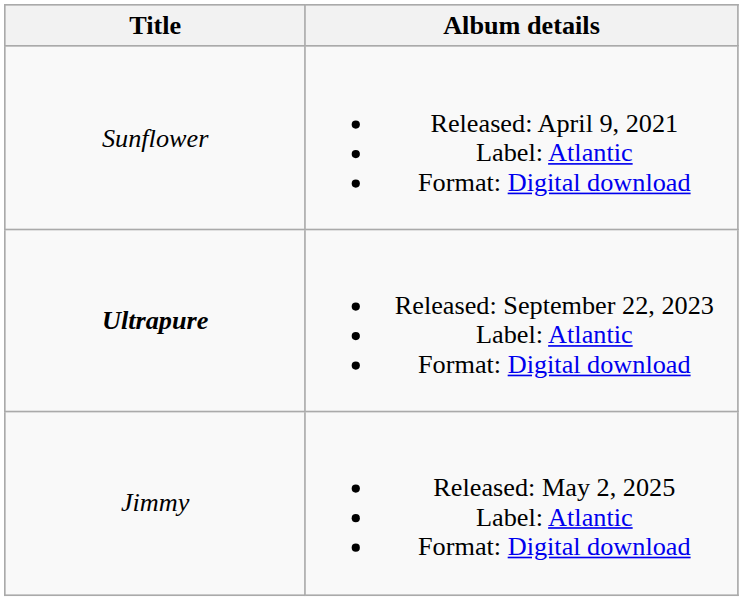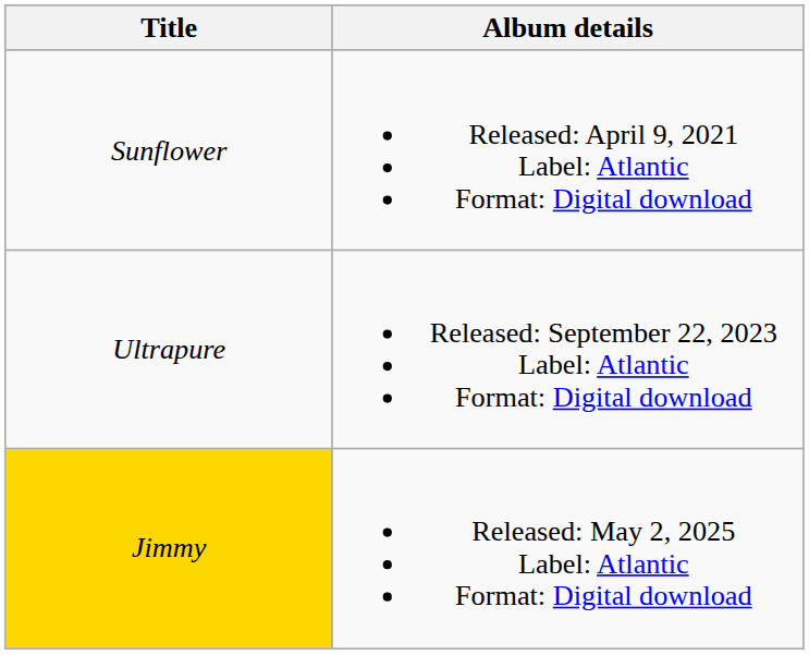 <table class="wikitable plainrowheaders" style="text-align:center;">
 <tr>
 <th scope="col" style="width:11em;">Title</th>
 <th scope="col" style="width:16em;">Album details</th>
 </tr>
 <tr>
 <td> <em>Sunflower</em></td>
 <td><br><ul><li>Released: April 9, 2021</li><li>Label: <a href='#'>Atlantic</a></li><li>Format: <a href='#'>Digital download</a></li></ul></td>
 </tr>
 <tr>
-<td><strong> <em>Ultrapure</em></strong></td>
+<td> <em>Ultrapure</em></td>
 <td><br><ul><li>Released: September 22, 2023</li><li>Label: <a href='#'>Atlantic</a></li><li>Format: <a href='#'>Digital download</a></li></ul></td>
 </tr>
 <tr>
-<td> <em>Jimmy</em></td>
+<td style="background: gold;"> <em>Jimmy</em></td>
 <td><br><ul><li>Released: May 2, 2025</li><li>Label: <a href='#'>Atlantic</a></li><li>Format: <a href='#'>Digital download</a></li></ul></td>
 </tr>
 </table>
